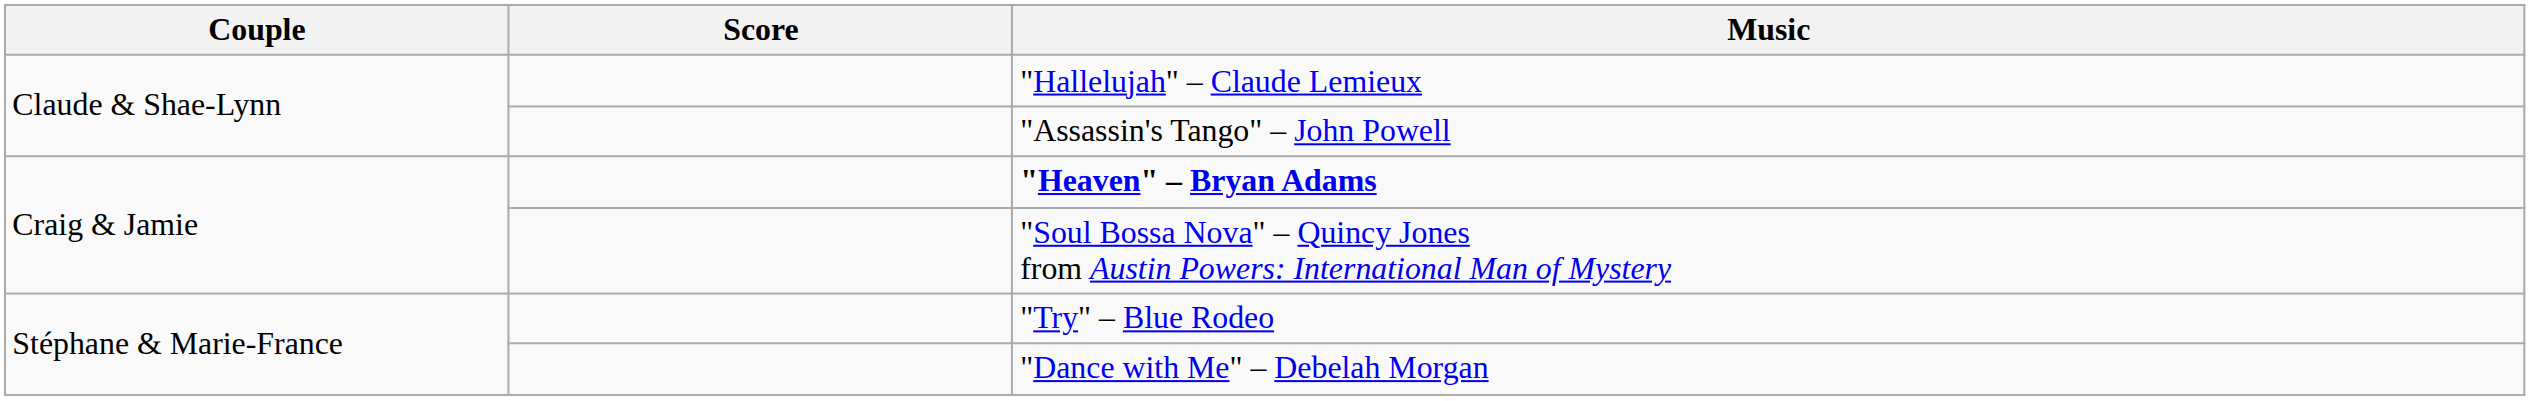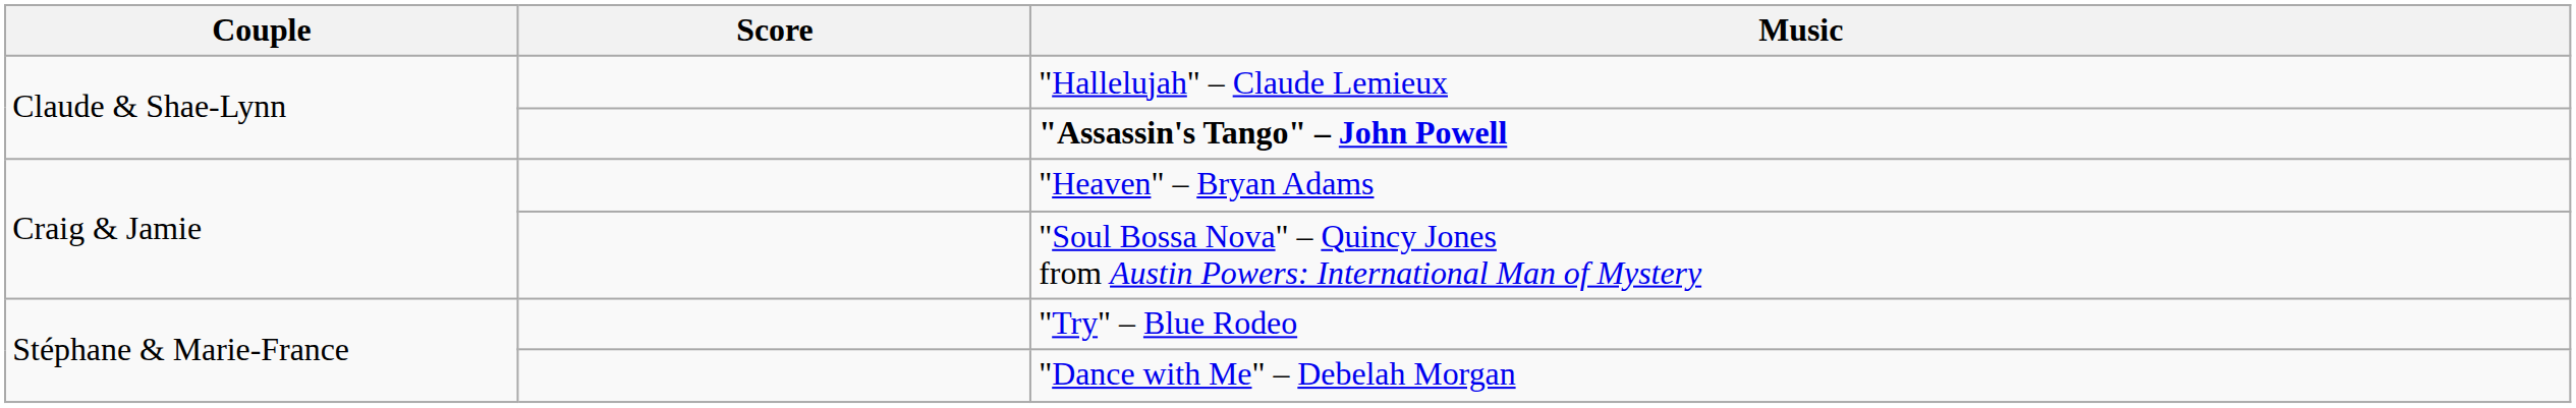 <table class="wikitable" style="width:80%;">
 <tr>
 <th style="width:20%;">Couple</th>
 <th style="width:20%;">Score</th>
 <th style="width:60%;">Music</th>
 </tr>
 <tr>
 <td rowspan=2>Claude & Shae-Lynn</td>
 <td></td>
 <td>"<a href='#'>Hallelujah</a>" – <a href='#'>Claude Lemieux</a></td>
 </tr>
 <tr>
 <td></td>
-<td>"Assassin's Tango" – <a href='#'>John Powell</a></td>
+<td><strong>"Assassin's Tango" – <a href='#'>John Powell</a></strong></td>
 </tr>
 <tr>
 <td rowspan=2>Craig & Jamie</td>
 <td></td>
-<td><strong>"<a href='#'>Heaven</a>" – <a href='#'>Bryan Adams</a></strong></td>
+<td>"<a href='#'>Heaven</a>" – <a href='#'>Bryan Adams</a></td>
 </tr>
 <tr>
 <td></td>
 <td>"<a href='#'>Soul Bossa Nova</a>" – <a href='#'>Quincy Jones</a><br>from <em><a href='#'>Austin Powers: International Man of Mystery</a></em></td>
 </tr>
 <tr>
 <td rowspan=2>Stéphane & Marie-France</td>
 <td></td>
 <td>"<a href='#'>Try</a>" – <a href='#'>Blue Rodeo</a></td>
 </tr>
 <tr>
 <td></td>
 <td>"<a href='#'>Dance with Me</a>" – <a href='#'>Debelah Morgan</a></td>
 </tr>
 </table>
